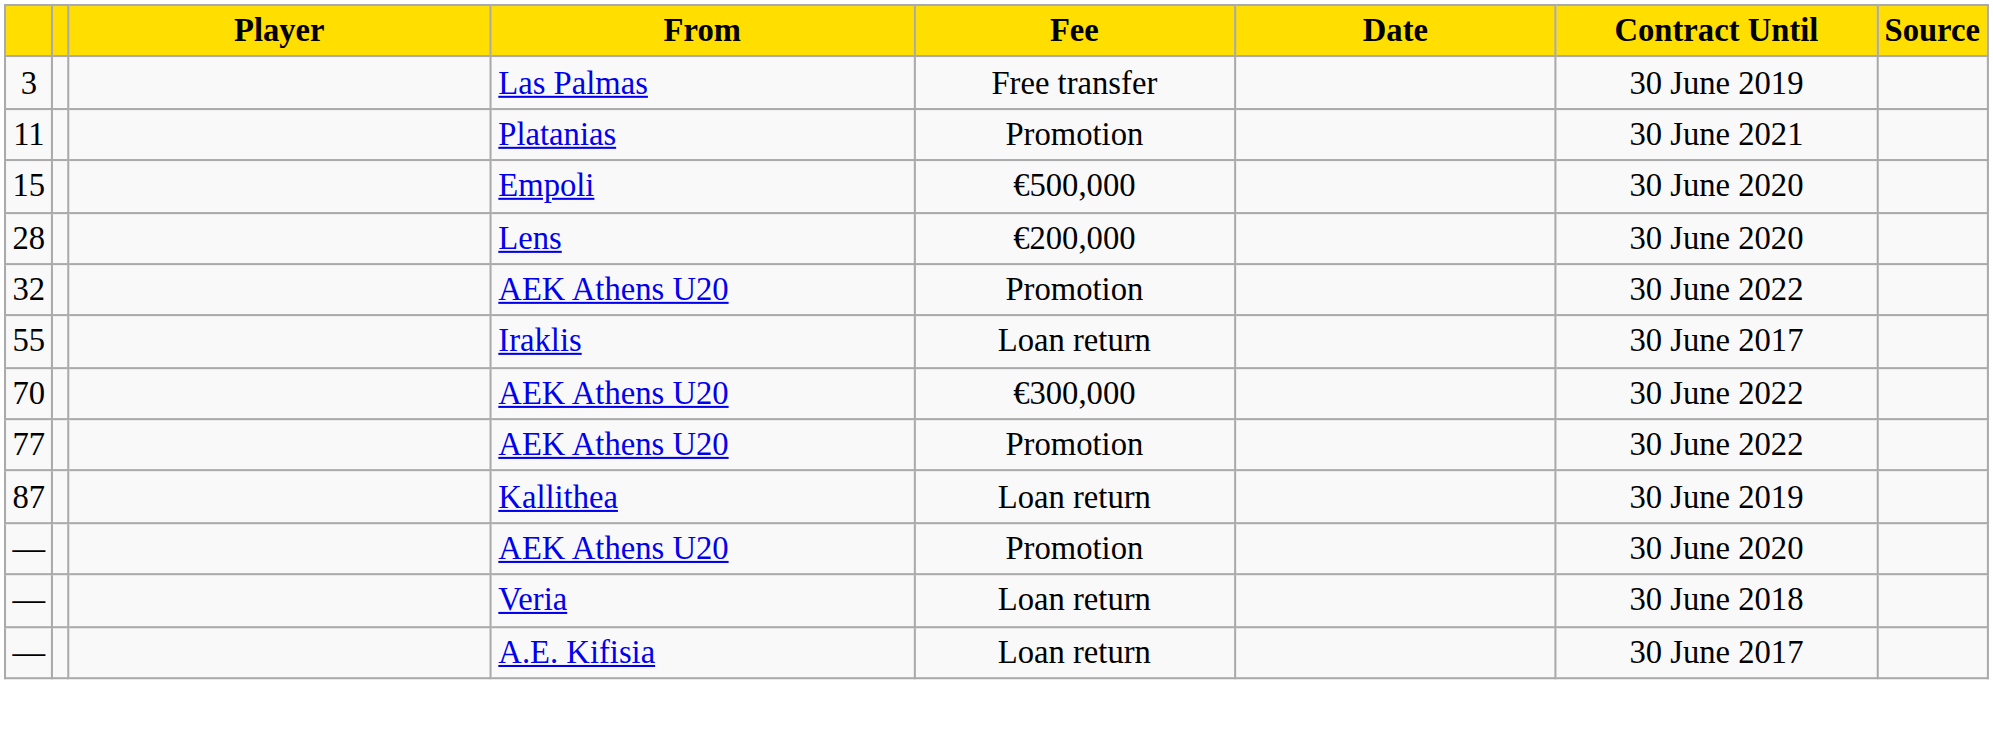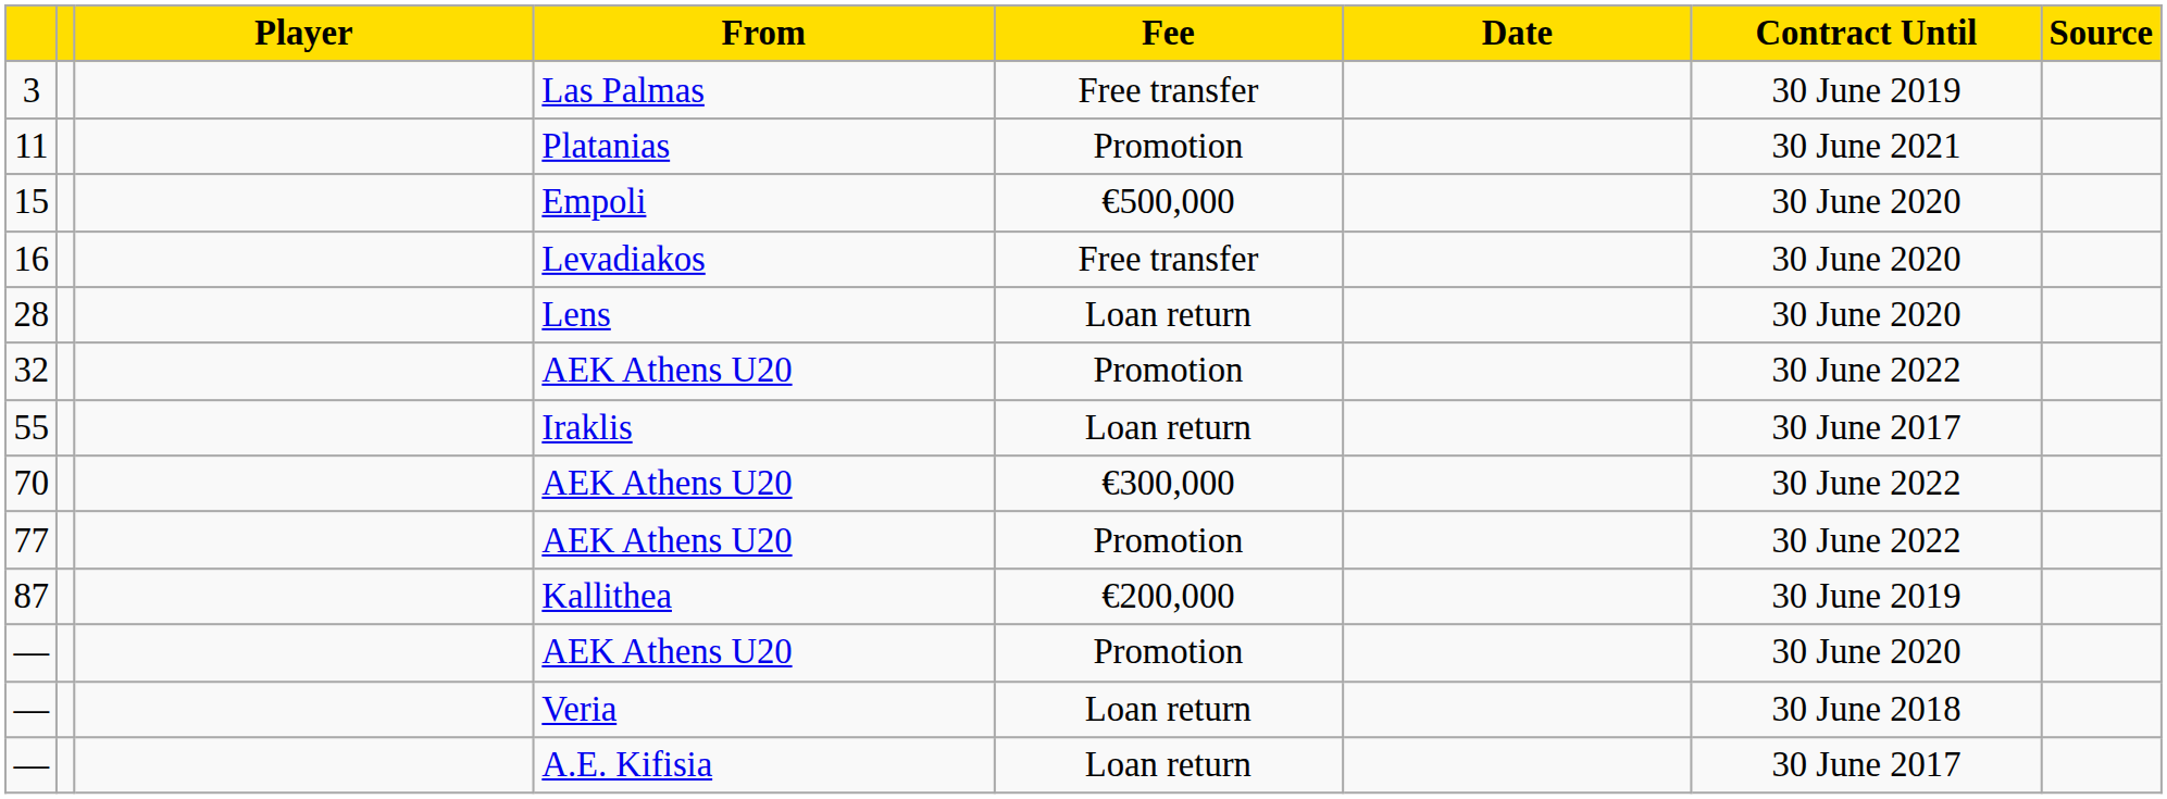 <table class="wikitable sortable">
 <tr>
 <th style="background:#FFDE00"></th>
 <th style="background:#FFDE00"></th>
 <th width=200 style="background:#FFDE00">Player</th>
 <th width=200 style="background:#FFDE00">From</th>
 <th width=150 style="background:#FFDE00">Fee</th>
 <th width=150 style="background:#FFDE00">Date</th>
 <th width=150 style="background:#FFDE00">Contract Until</th>
 <th style="background:#FFDE00">Source</th>
 </tr>
 <tr>
 <td align=center>3</td>
 <td align=center></td>
 <td></td>
 <td> <a href='#'>Las Palmas</a></td>
 <td align=center>Free transfer</td>
 <td align=center></td>
 <td align=center>30 June 2019</td>
 <td align=center></td>
 </tr>
 <tr>
 <td align=center>11</td>
 <td align=center></td>
 <td></td>
 <td> <a href='#'>Platanias</a></td>
 <td align=center>Promotion</td>
 <td align=center></td>
 <td align=center>30 June 2021</td>
 <td align=center></td>
 </tr>
 <tr>
 <td align=center>15</td>
 <td align=center></td>
 <td></td>
 <td> <a href='#'>Empoli</a></td>
 <td align=center>€500,000</td>
 <td align=center></td>
 <td align=center>30 June 2020</td>
 <td align=center></td>
 </tr>
 <tr>
+<td align=center>16</td>
+<td align=center></td>
+<td></td>
+<td> <a href='#'>Levadiakos</a></td>
+<td align=center>Free transfer</td>
+<td align=center></td>
+<td align=center>30 June 2020</td>
+<td align=center></td>
+</tr>
+<tr>
 <td align=center>28</td>
 <td align=center></td>
 <td></td>
 <td> <a href='#'>Lens</a></td>
-<td align=center>€200,000</td>
+<td align=center>Loan return</td>
 <td align=center></td>
 <td align=center>30 June 2020</td>
 <td align=center></td>
 </tr>
 <tr>
 <td align=center>32</td>
 <td align=center></td>
 <td></td>
 <td> <a href='#'>AEK Athens U20</a></td>
 <td align=center>Promotion</td>
 <td align=center></td>
 <td align=center>30 June 2022</td>
 <td align=center></td>
 </tr>
 <tr>
 <td align=center>55</td>
 <td align=center></td>
 <td></td>
 <td> <a href='#'>Iraklis</a></td>
 <td align=center>Loan return</td>
 <td align=center></td>
 <td align=center>30 June 2017</td>
 <td align=center></td>
 </tr>
 <tr>
 <td align=center>70</td>
 <td align=center></td>
 <td></td>
 <td> <a href='#'>AEK Athens U20</a></td>
 <td align=center>€300,000</td>
 <td align=center></td>
 <td align=center>30 June 2022</td>
 <td align=center></td>
 </tr>
 <tr>
 <td align=center>77</td>
 <td align=center></td>
 <td></td>
 <td> <a href='#'>AEK Athens U20</a></td>
 <td align=center>Promotion</td>
 <td align=center></td>
 <td align=center>30 June 2022</td>
 <td align=center></td>
 </tr>
 <tr>
 <td align=center>87</td>
 <td align=center></td>
 <td></td>
 <td> <a href='#'>Kallithea</a></td>
-<td align=center>Loan return</td>
+<td align=center>€200,000</td>
 <td align=center></td>
 <td align=center>30 June 2019</td>
 <td align=center></td>
 </tr>
 <tr>
 <td align=center>—</td>
 <td align=center></td>
 <td></td>
 <td> <a href='#'>AEK Athens U20</a></td>
 <td align=center>Promotion</td>
 <td align=center></td>
 <td align=center>30 June 2020</td>
 <td align=center></td>
 </tr>
 <tr>
 <td align=center>—</td>
 <td align=center></td>
 <td></td>
 <td> <a href='#'>Veria</a></td>
 <td align=center>Loan return</td>
 <td align=center></td>
 <td align=center>30 June 2018</td>
 <td align=center></td>
 </tr>
 <tr>
 <td align=center>—</td>
 <td align=center></td>
 <td></td>
 <td> <a href='#'>A.E. Kifisia</a></td>
 <td align=center>Loan return</td>
 <td align=center></td>
 <td align=center>30 June 2017</td>
 <td align=center></td>
 </tr>
 </table>
